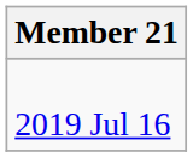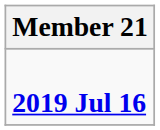 <table class=wikitable align=right>
 <tr>
 <th>Member 21</th>
 </tr>
 <tr>
-<td><br><a href='#'>2019 Jul 16</a></td>
+<td><strong><br><a href='#'>2019 Jul 16</a></strong></td>
 </tr>
 </table>
